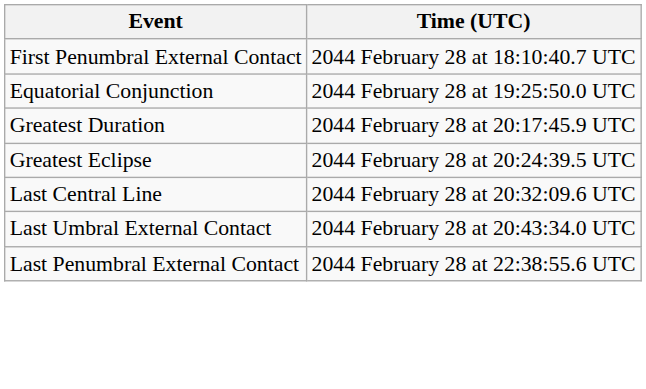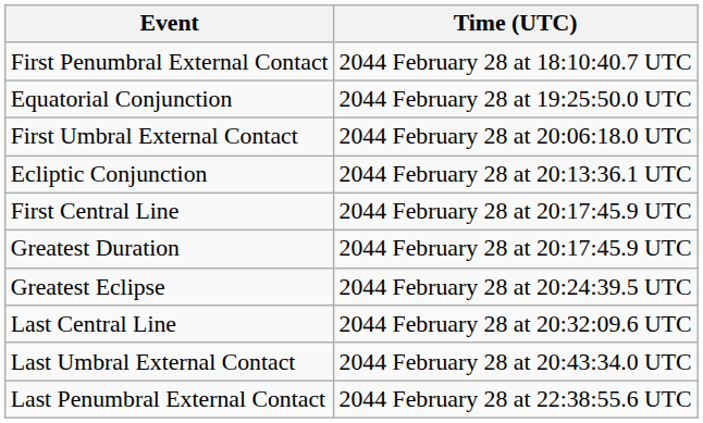 <table class="wikitable">
 <tr>
 <th>Event</th>
 <th>Time (UTC)</th>
 </tr>
 <tr>
 <td>First Penumbral External Contact</td>
 <td>2044 February 28 at 18:10:40.7 UTC</td>
 </tr>
 <tr>
 <td>Equatorial Conjunction</td>
 <td>2044 February 28 at 19:25:50.0 UTC</td>
+</tr>
+<tr>
+<td>First Umbral External Contact</td>
+<td>2044 February 28 at 20:06:18.0 UTC</td>
+</tr>
+<tr>
+<td>Ecliptic Conjunction</td>
+<td>2044 February 28 at 20:13:36.1 UTC</td>
+</tr>
+<tr>
+<td>First Central Line</td>
+<td>2044 February 28 at 20:17:45.9 UTC</td>
 </tr>
 <tr>
 <td>Greatest Duration</td>
 <td>2044 February 28 at 20:17:45.9 UTC</td>
 </tr>
 <tr>
 <td>Greatest Eclipse</td>
 <td>2044 February 28 at 20:24:39.5 UTC</td>
 </tr>
 <tr>
 <td>Last Central Line</td>
 <td>2044 February 28 at 20:32:09.6 UTC</td>
 </tr>
 <tr>
 <td>Last Umbral External Contact</td>
 <td>2044 February 28 at 20:43:34.0 UTC</td>
 </tr>
 <tr>
 <td>Last Penumbral External Contact</td>
 <td>2044 February 28 at 22:38:55.6 UTC</td>
 </tr>
 </table>
